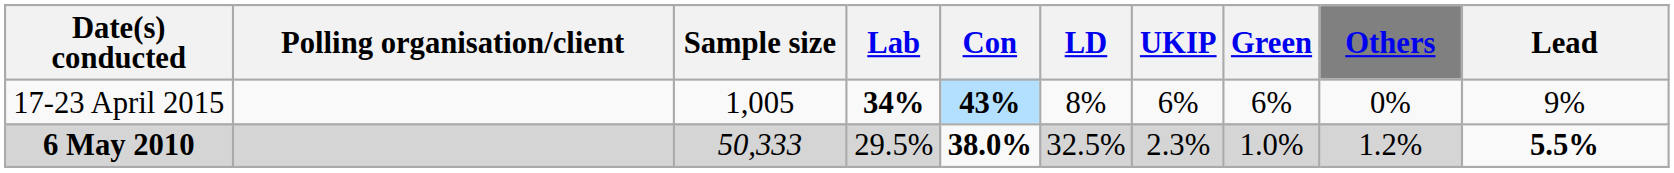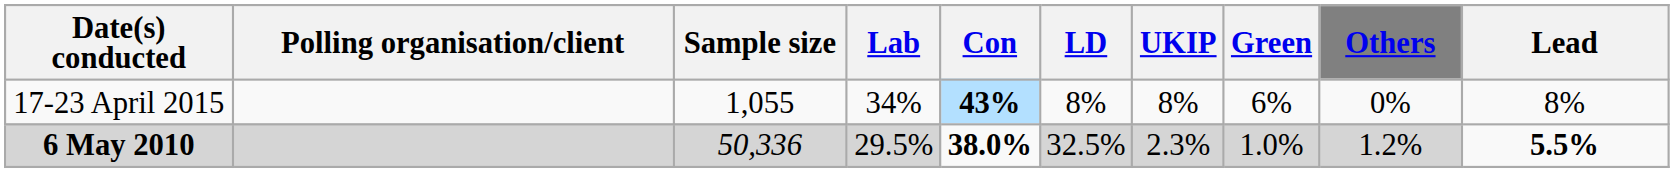 <table class="wikitable sortable" style="text-align:center;font-size:90%;line-height:14px">
 <tr>
 <th ! style="width:100px;">Date(s)<br>conducted</th>
 <th style="width:200px;">Polling organisation/client</th>
 <th class="unsortable" style="width:75px;">Sample size</th>
 <th class="unsortable" style="background:"><a href='#'><span>Lab</span></a></th>
 <th class="unsortable" style="background:"><a href='#'><span>Con</span></a></th>
 <th class="unsortable" style="background:"><a href='#'><span>LD</span></a></th>
 <th class="unsortable" style="background:"><a href='#'><span>UKIP</span></a></th>
 <th class="unsortable" style="background:"><a href='#'><span>Green</span></a></th>
 <th class="unsortable" style="background:gray; width:60px;"><a href='#'><span>Others</span></a></th>
 <th class="unsortable" style="width:90px;">Lead</th>
 </tr>
 <tr>
 <td>17-23 April 2015</td>
 <td> </td>
-<td>1,005</td>
-<td><strong>34%</strong></td>
+<td>1,055</td>
+<td>34%</td>
 <td style="background:#B3E0FF"><strong>43%</strong></td>
 <td>8%</td>
-<td>6%</td>
+<td>8%</td>
 <td>6%</td>
 <td>0%</td>
-<td style="background:">9%</td>
+<td style="background:">8%</td>
 </tr>
 <tr>
 <td style="background:#D5D5D5"><strong>6 May 2010</strong></td>
 <td style="background:#D5D5D5"></td>
-<td style="background:#D5D5D5"><em>50,333</em></td>
+<td style="background:#D5D5D5"><em>50,336</em></td>
 <td style="background:#D5D5D5">29.5%</td>
 <td style="background:"><strong>38.0%</strong></td>
 <td style="background:#d5d5d5; color:Black;">32.5%</td>
 <td style="background:#D5D5D5">2.3%</td>
 <td style="background:#D5D5D5">1.0%</td>
 <td style="background:#D5D5D5">1.2%</td>
 <td style="background:"><strong>5.5% </strong></td>
 </tr>
 </table>
